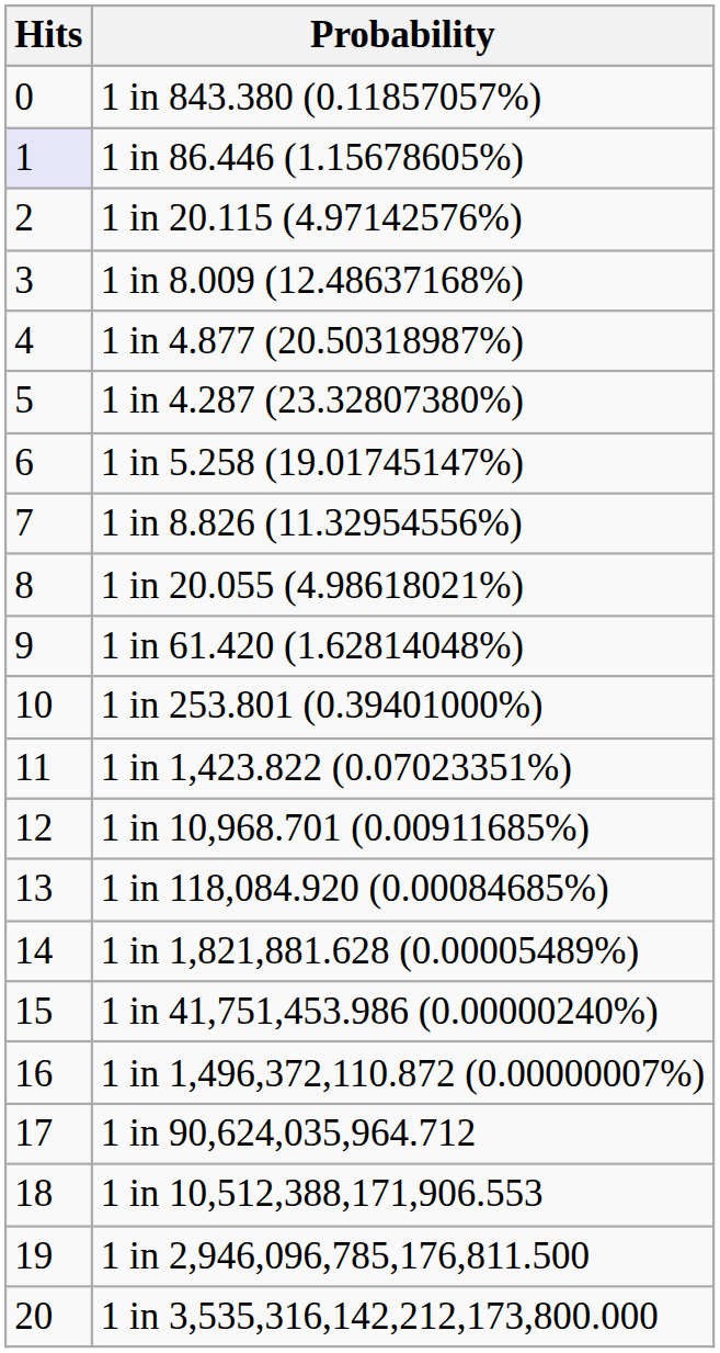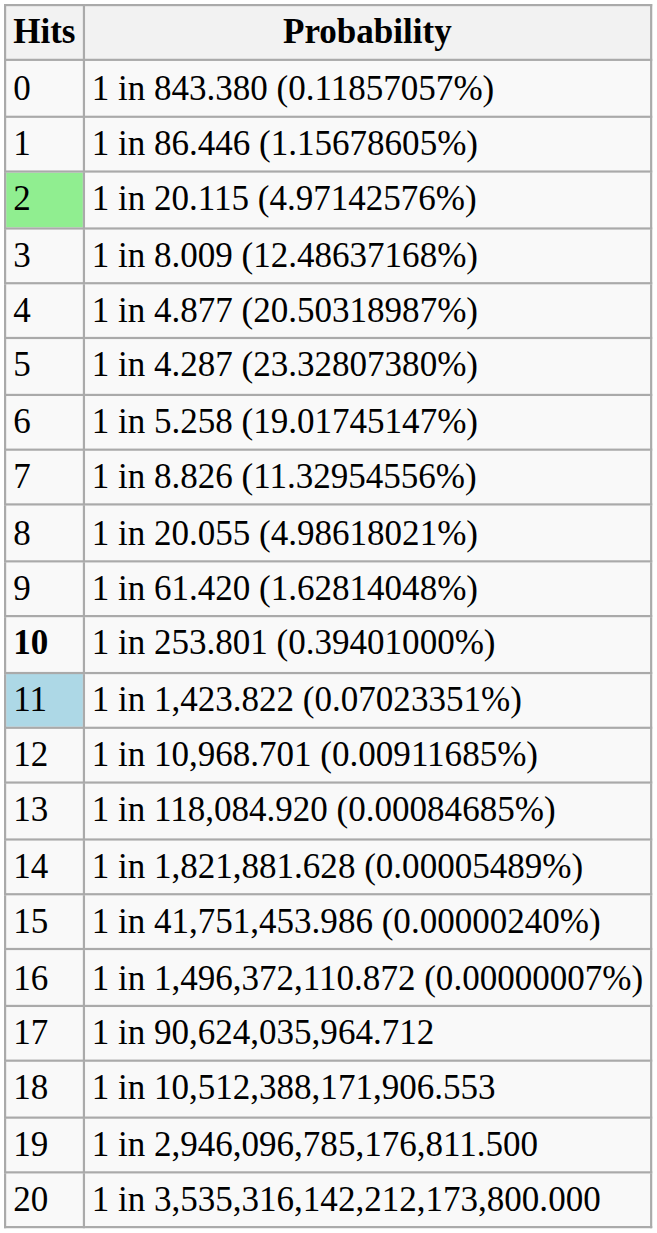 <table class="wikitable">
 <tr>
 <th>Hits</th>
 <th>Probability</th>
 </tr>
 <tr>
 <td>0</td>
 <td>1 in 843.380 (0.11857057%)</td>
 </tr>
 <tr>
-<td style="background: lavender;">1</td>
+<td>1</td>
 <td>1 in 86.446 (1.15678605%)</td>
 </tr>
 <tr>
-<td>2</td>
+<td style="background: lightgreen;">2</td>
 <td>1 in 20.115 (4.97142576%)</td>
 </tr>
 <tr>
 <td>3</td>
 <td>1 in 8.009 (12.48637168%)</td>
 </tr>
 <tr>
 <td>4</td>
 <td>1 in 4.877 (20.50318987%)</td>
 </tr>
 <tr>
 <td>5</td>
 <td>1 in 4.287 (23.32807380%)</td>
 </tr>
 <tr>
 <td>6</td>
 <td>1 in 5.258 (19.01745147%)</td>
 </tr>
 <tr>
 <td>7</td>
 <td>1 in 8.826 (11.32954556%)</td>
 </tr>
 <tr>
 <td>8</td>
 <td>1 in 20.055 (4.98618021%)</td>
 </tr>
 <tr>
 <td>9</td>
 <td>1 in 61.420 (1.62814048%)</td>
 </tr>
 <tr>
-<td>10</td>
+<td><strong>10</strong></td>
 <td>1 in 253.801 (0.39401000%)</td>
 </tr>
 <tr>
-<td>11</td>
+<td style="background: lightblue;">11</td>
 <td>1 in 1,423.822 (0.07023351%)</td>
 </tr>
 <tr>
 <td>12</td>
 <td>1 in 10,968.701 (0.00911685%)</td>
 </tr>
 <tr>
 <td>13</td>
 <td>1 in 118,084.920 (0.00084685%)</td>
 </tr>
 <tr>
 <td>14</td>
 <td>1 in 1,821,881.628 (0.00005489%)</td>
 </tr>
 <tr>
 <td>15</td>
 <td>1 in 41,751,453.986 (0.00000240%)</td>
 </tr>
 <tr>
 <td>16</td>
 <td>1 in 1,496,372,110.872 (0.00000007%)</td>
 </tr>
 <tr>
 <td>17</td>
 <td>1 in 90,624,035,964.712</td>
 </tr>
 <tr>
 <td>18</td>
 <td>1 in 10,512,388,171,906.553</td>
 </tr>
 <tr>
 <td>19</td>
 <td>1 in 2,946,096,785,176,811.500</td>
 </tr>
 <tr>
 <td>20</td>
 <td>1 in 3,535,316,142,212,173,800.000</td>
 </tr>
 </table>
